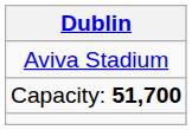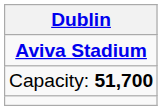 <table class="wikitable" style="text-align:center">
 <tr>
 <th><a href='#'>Dublin</a></th>
 </tr>
 <tr>
-<td><a href='#'>Aviva Stadium</a></td>
+<td><strong><a href='#'>Aviva Stadium</a></strong></td>
 </tr>
 <tr>
 <td>Capacity: <strong>51,700</strong></td>
 </tr>
 <tr>
 <td></td>
 </tr>
 </table>
